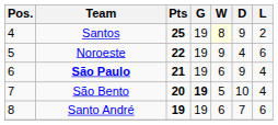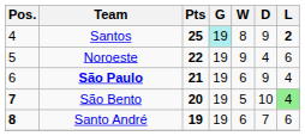 <table class="wikitable" style="text-align: center;">
 <tr>
 <th width="20">Pos.</th>
 <th width="165">Team</th>
 <th width="20">Pts</th>
 <th width="20">G</th>
 <th width="20">W</th>
 <th width="20">D</th>
 <th width="20">L</th>
 </tr>
 <tr>
 <td style="text-align:left;">4</td>
 <td><a href='#'>Santos</a></td>
 <td><strong>25</strong></td>
-<td>19</td>
-<td style="background: lightyellow;">8</td>
+<td style="background: paleturquoise;">19</td>
+<td>8</td>
 <td>9</td>
-<td>2</td>
+<td><strong>2</strong></td>
 </tr>
 <tr>
 <td style="text-align:left;">5</td>
 <td><a href='#'>Noroeste</a></td>
 <td><strong>22</strong></td>
 <td>19</td>
 <td>9</td>
 <td>4</td>
 <td>6</td>
 </tr>
 <tr>
 <td style="text-align:left;">6</td>
 <td><strong><a href='#'>São Paulo</a></strong></td>
 <td><strong>21</strong></td>
 <td>19</td>
 <td>6</td>
 <td>9</td>
 <td>4</td>
 </tr>
 <tr>
-<td style="text-align:left;">7</td>
+<td style="text-align:left;"><strong>7</strong></td>
 <td><a href='#'>São Bento</a></td>
 <td><strong>20</strong></td>
-<td><strong>19</strong></td>
+<td>19</td>
 <td>5</td>
 <td>10</td>
-<td>4</td>
+<td style="background: lightgreen;">4</td>
 </tr>
 <tr>
-<td style="text-align:left;">8</td>
+<td style="text-align:left;"><strong>8</strong></td>
 <td><a href='#'>Santo André</a></td>
 <td><strong>19</strong></td>
 <td>19</td>
 <td>6</td>
 <td>7</td>
 <td>6</td>
 </tr>
 <tr>
 </tr>
 </table>
